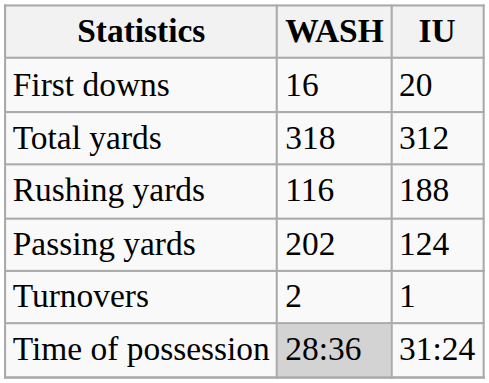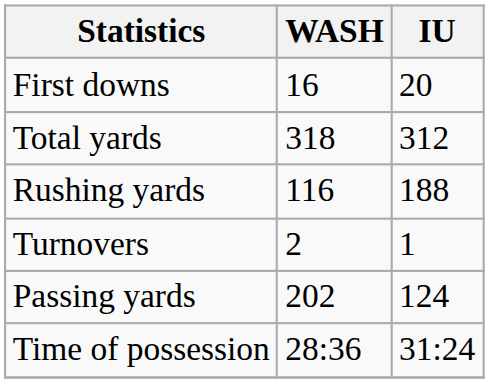 <table class="wikitable" style="float: left;">
 <tr>
 <th>Statistics</th>
 <th>WASH</th>
 <th>IU</th>
 </tr>
 <tr>
 <td>First downs</td>
 <td>16</td>
 <td>20</td>
 </tr>
 <tr>
 <td>Total yards</td>
 <td>318</td>
 <td>312</td>
 </tr>
 <tr>
 <td>Rushing yards</td>
 <td>116</td>
 <td>188</td>
 </tr>
 <tr>
+<td>Turnovers</td>
+<td>2</td>
+<td>1</td>
+</tr>
+<tr>
 <td>Passing yards</td>
 <td>202</td>
 <td>124</td>
 </tr>
 <tr>
-<td>Turnovers</td>
-<td>2</td>
-<td>1</td>
-</tr>
-<tr>
 <td>Time of possession</td>
-<td style="background: lightgrey;">28:36</td>
+<td>28:36</td>
 <td>31:24</td>
 </tr>
 <tr>
 </tr>
 </table>
